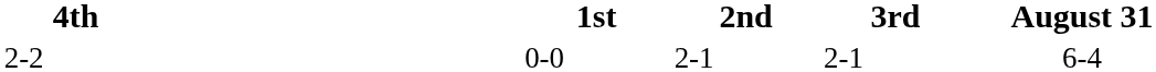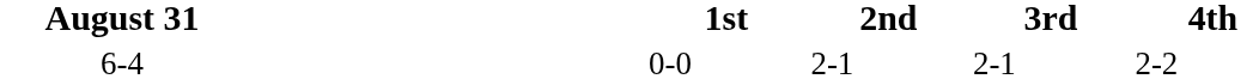 <table width=60% cellspacing=1>
 <tr>
 <th width=20%></th>
-<th width=8%>4th</th>
+<th width=12%>August 31</th>
 <th width=20%></th>
 <th width=8%>1st</th>
 <th width=8%>2nd</th>
 <th width=8%>3rd</th>
-<th width=12%>August 31</th>
+<th width=8%>4th</th>
 </tr>
 <tr style=font-size:90%>
 <td align=right><strong></strong></td>
-<td>2-2</td>
+<td align=center>6-4</td>
 <td></td>
 <td>0-0</td>
 <td>2-1</td>
 <td>2-1</td>
-<td align=center>6-4</td>
+<td>2-2</td>
 </tr>
 </table>
